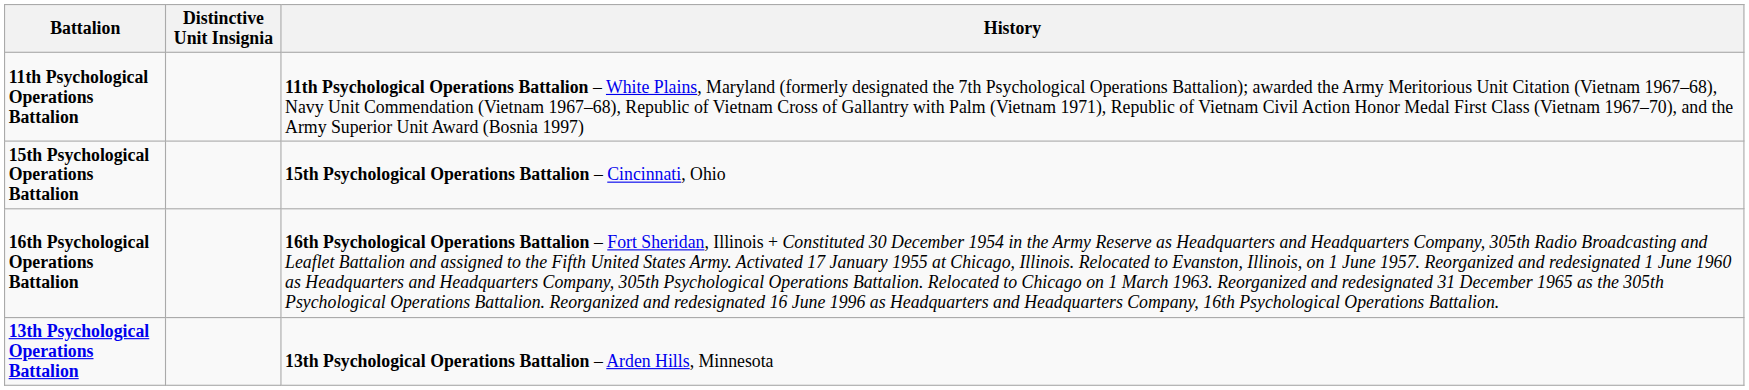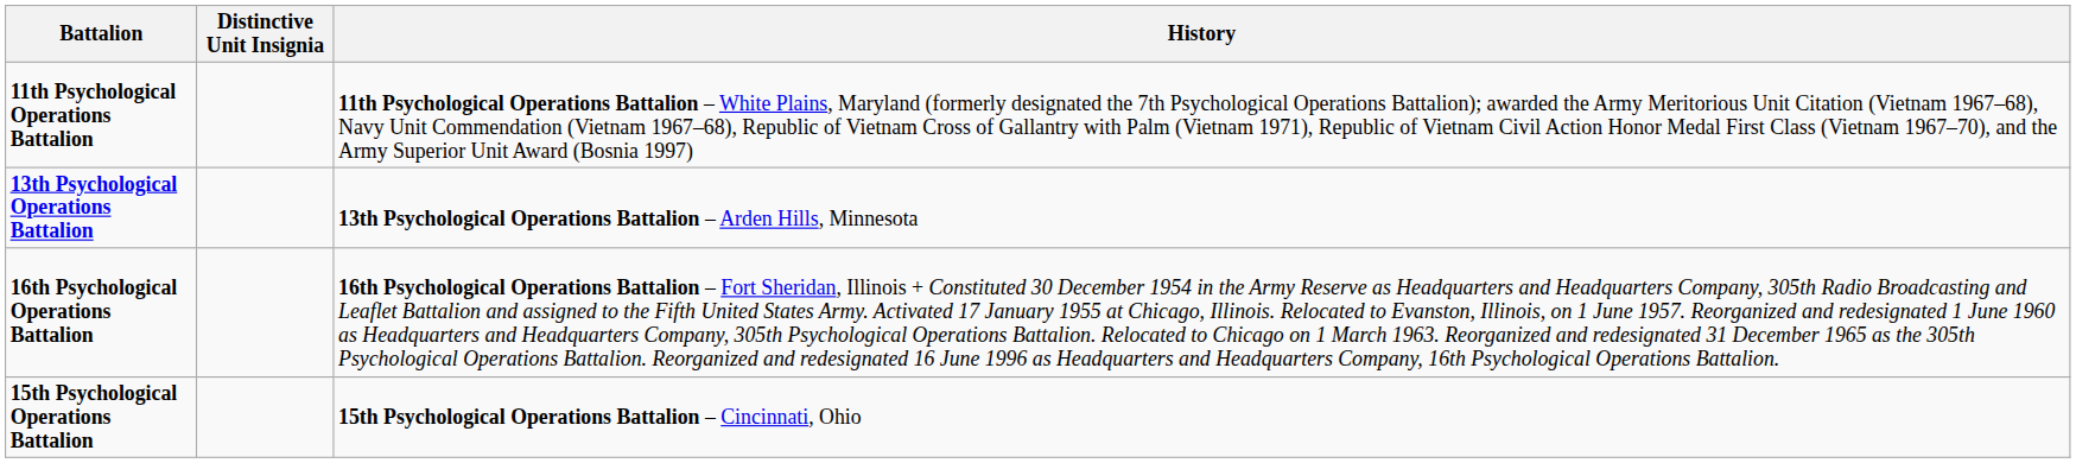 <table class="wikitable">
 <tr>
 <th>Battalion</th>
 <th>Distinctive Unit Insignia</th>
 <th>History</th>
 </tr>
 <tr>
 <td><strong>11th Psychological Operations Battalion</strong></td>
 <td></td>
 <td><br><strong>11th Psychological Operations Battalion</strong> – <a href='#'>White Plains</a>, Maryland (formerly designated the 7th Psychological Operations Battalion); awarded the Army Meritorious Unit Citation (Vietnam 1967–68), Navy Unit Commendation (Vietnam 1967–68), Republic of Vietnam Cross of Gallantry with Palm (Vietnam 1971), Republic of Vietnam Civil Action Honor Medal First Class (Vietnam 1967–70), and the Army Superior Unit Award (Bosnia 1997)</td>
 </tr>
 <tr>
-<td><strong>15th Psychological Operations Battalion</strong></td>
+<td><strong><a href='#'>13th Psychological Operations Battalion</a></strong></td>
 <td></td>
-<td><strong>15th Psychological Operations Battalion</strong> – <a href='#'>Cincinnati</a>, Ohio<br></td>
+<td><br><strong>13th Psychological Operations Battalion</strong> – <a href='#'>Arden Hills</a>, Minnesota</td>
 </tr>
 <tr>
 <td><strong>16th Psychological Operations Battalion</strong></td>
 <td></td>
 <td><br><strong>16th Psychological Operations Battalion</strong> – <a href='#'>Fort Sheridan</a>, Illinois + <em>Constituted 30 December 1954 in the Army Reserve as Headquarters and Headquarters Company, 305th Radio Broadcasting and Leaflet Battalion and assigned to the Fifth United States Army. Activated 17 January 1955 at Chicago, Illinois. Relocated to Evanston, Illinois, on 1 June 1957. Reorganized and redesignated 1 June 1960 as Headquarters and Headquarters Company, 305th Psychological Operations Battalion. Relocated to Chicago on 1 March 1963. Reorganized and redesignated 31 December 1965 as the 305th Psychological Operations Battalion. Reorganized and redesignated 16 June 1996 as Headquarters and Headquarters Company, 16th Psychological Operations Battalion.</em></td>
 </tr>
 <tr>
-<td><strong><a href='#'>13th Psychological Operations Battalion</a></strong></td>
+<td><strong>15th Psychological Operations Battalion</strong></td>
 <td></td>
-<td><br><strong>13th Psychological Operations Battalion</strong> – <a href='#'>Arden Hills</a>, Minnesota</td>
+<td><strong>15th Psychological Operations Battalion</strong> – <a href='#'>Cincinnati</a>, Ohio<br></td>
 </tr>
 </table>
